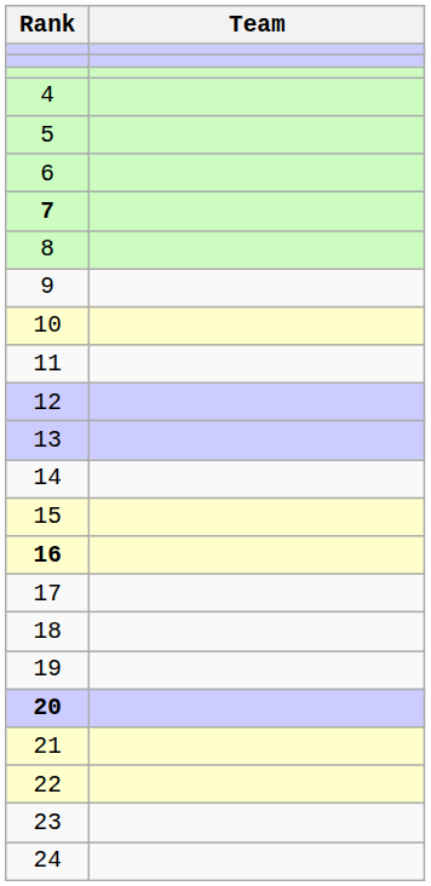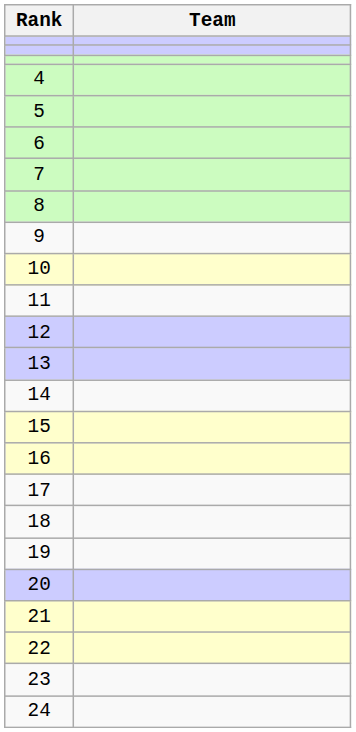 <table class="wikitable" style="text-align: center;">
 <tr>
 <th width=40>Rank</th>
 <th width=180>Team</th>
 </tr>
 <tr bgcolor=#ccccff>
 <td></td>
 <td align="left"></td>
 </tr>
 <tr bgcolor=#ccccff>
 <td></td>
 <td align="left"></td>
 </tr>
 <tr bgcolor=#ccffccc>
 <td></td>
 <td align="left"></td>
 </tr>
 <tr bgcolor=#ccffccc>
 <td>4</td>
 <td align="left"></td>
 </tr>
 <tr bgcolor=#ccffccc>
 <td>5</td>
 <td align="left"></td>
 </tr>
 <tr bgcolor=#ccffccc>
 <td>6</td>
 <td align="left"></td>
 </tr>
 <tr bgcolor=#ccffccc>
-<td><strong>7</strong></td>
+<td>7</td>
 <td align="left"></td>
 </tr>
 <tr bgcolor=#ccffccc>
 <td>8</td>
 <td align="left"></td>
 </tr>
 <tr>
 <td>9</td>
 <td align="left"></td>
 </tr>
 <tr bgcolor=#ffffcc>
 <td>10</td>
 <td align="left"></td>
 </tr>
 <tr>
 <td>11</td>
 <td align="left"></td>
 </tr>
 <tr bgcolor=#ccccff>
 <td>12</td>
 <td align="left"></td>
 </tr>
 <tr bgcolor=#ccccff>
 <td>13</td>
 <td align="left"></td>
 </tr>
 <tr>
 <td>14</td>
 <td align="left"></td>
 </tr>
 <tr bgcolor=#ffffcc>
 <td>15</td>
 <td align="left"></td>
 </tr>
 <tr bgcolor=#ffffcc>
-<td><strong>16</strong></td>
+<td>16</td>
 <td align="left"></td>
 </tr>
 <tr>
 <td>17</td>
 <td align="left"></td>
 </tr>
 <tr>
 <td>18</td>
 <td align="left"></td>
 </tr>
 <tr>
 <td>19</td>
 <td align="left"></td>
 </tr>
 <tr bgcolor=#ccccff>
-<td><strong>20</strong></td>
+<td>20</td>
 <td align="left"></td>
 </tr>
 <tr bgcolor=#ffffcc>
 <td>21</td>
 <td align="left"></td>
 </tr>
 <tr bgcolor=#ffffcc>
 <td>22</td>
 <td align="left"></td>
 </tr>
 <tr>
 <td>23</td>
 <td align="left"></td>
 </tr>
 <tr>
 <td>24</td>
 <td align="left"></td>
 </tr>
 </table>
